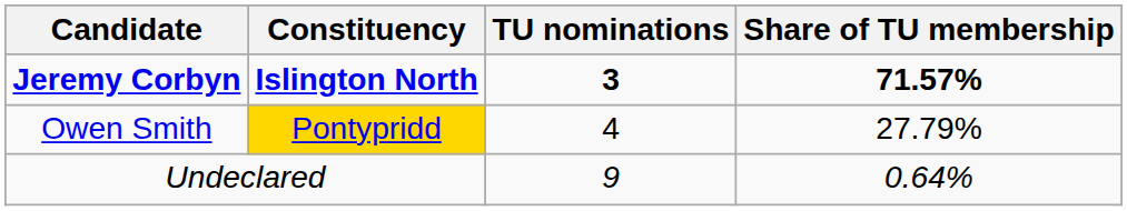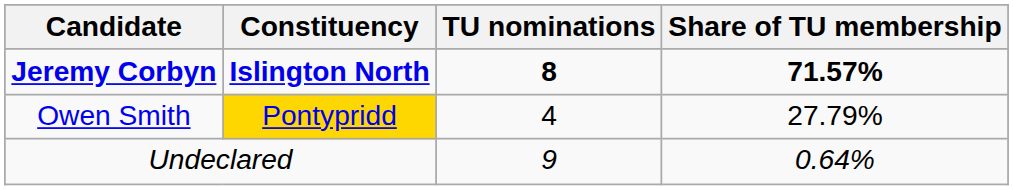 <table class="wikitable floatright">
 <tr>
 <th>Candidate</th>
 <th>Constituency</th>
 <th>TU nominations</th>
 <th>Share of TU membership</th>
 </tr>
 <tr style="text-align: center;" |>
 <td><strong><a href='#'>Jeremy Corbyn</a></strong></td>
 <td><strong><a href='#'>Islington North</a></strong></td>
-<td><strong>3</strong></td>
+<td><strong>8</strong></td>
 <td><strong>71.57%</strong></td>
 </tr>
 <tr style="text-align: center;" |>
 <td><a href='#'>Owen Smith</a></td>
 <td style="background: gold;"><a href='#'>Pontypridd</a></td>
 <td>4</td>
 <td>27.79%</td>
 </tr>
 <tr style="background-color: ">
 <td colspan="2" style="text-align: center;"><em>Undeclared</em></td>
 <td style="text-align: center;"><em>9</em></td>
 <td style="text-align: center;"><em>0.64%</em></td>
 </tr>
 </table>
